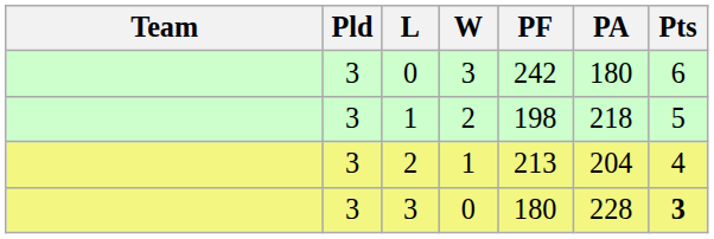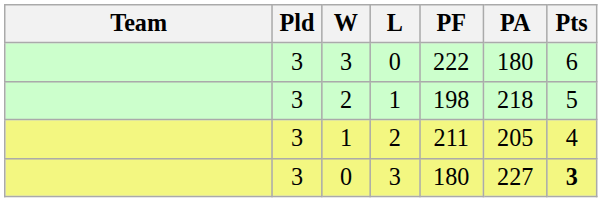 <table class="wikitable" style="text-align:center;">
 <tr>
 <th width=170>Team</th>
 <th width=25>Pld</th>
+<th width=25>W</th>
 <th width=25>L</th>
-<th width=25>W</th>
 <th width=35>PF</th>
 <th width=35>PA</th>
 <th width=25>Pts</th>
 </tr>
 <tr bgcolor=#ccffcc>
 <td align="left"></td>
 <td>3</td>
+<td>3</td>
 <td>0</td>
-<td>3</td>
-<td>242</td>
+<td>222</td>
 <td>180</td>
 <td>6</td>
 </tr>
 <tr bgcolor=#ccffcc>
 <td align="left"></td>
 <td>3</td>
+<td>2</td>
 <td>1</td>
-<td>2</td>
 <td>198</td>
 <td>218</td>
 <td>5</td>
 </tr>
 <tr bgcolor=#F3F781>
 <td align="left"></td>
 <td>3</td>
+<td>1</td>
 <td>2</td>
-<td>1</td>
-<td>213</td>
-<td>204</td>
+<td>211</td>
+<td>205</td>
 <td>4</td>
 </tr>
 <tr bgcolor=#F3F781>
 <td align="left"></td>
 <td>3</td>
+<td>0</td>
 <td>3</td>
-<td>0</td>
 <td>180</td>
-<td>228</td>
+<td>227</td>
 <td><strong>3</strong></td>
 </tr>
 </table>
